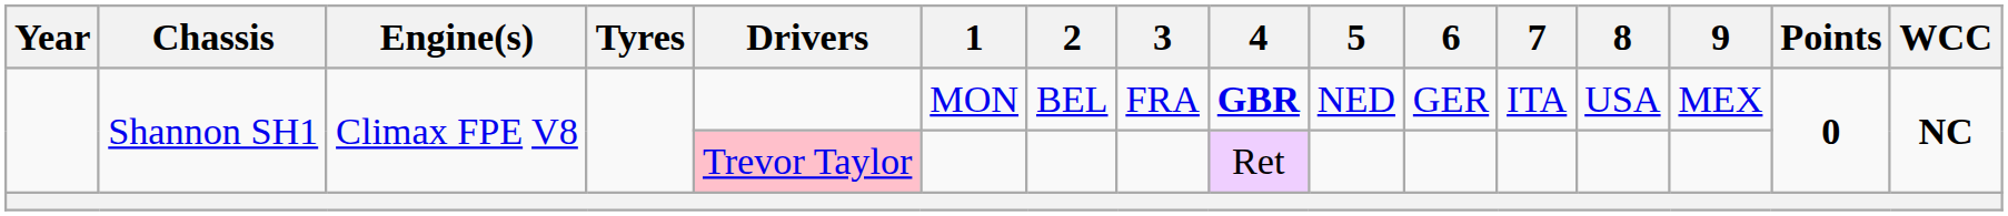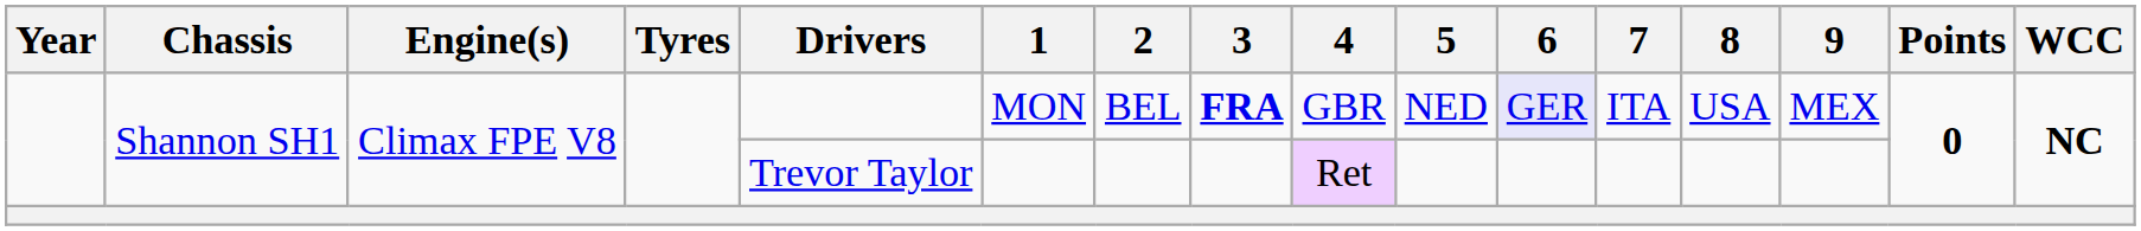 <table class="wikitable" style="text-align:center; font-size:95%">
 <tr>
 <th>Year</th>
 <th>Chassis</th>
 <th>Engine(s)</th>
 <th>Tyres</th>
 <th>Drivers</th>
 <th>1</th>
 <th>2</th>
 <th>3</th>
 <th>4</th>
 <th>5</th>
 <th>6</th>
 <th>7</th>
 <th>8</th>
 <th>9</th>
 <th>Points</th>
 <th>WCC</th>
 </tr>
 <tr>
 <td rowspan="2"></td>
 <td rowspan="2"><a href='#'>Shannon SH1</a></td>
 <td rowspan="2"><a href='#'>Climax FPE</a> <a href='#'>V8</a></td>
 <td rowspan="2"></td>
 <td></td>
 <td><a href='#'>MON</a></td>
 <td><a href='#'>BEL</a></td>
-<td><a href='#'>FRA</a></td>
-<td><strong><a href='#'>GBR</a></strong></td>
+<td><strong><a href='#'>FRA</a></strong></td>
+<td><a href='#'>GBR</a></td>
 <td><a href='#'>NED</a></td>
-<td><a href='#'>GER</a></td>
+<td style="background: lavender;"><a href='#'>GER</a></td>
 <td><a href='#'>ITA</a></td>
 <td><a href='#'>USA</a></td>
 <td><a href='#'>MEX</a></td>
 <td rowspan="2"><strong>0</strong></td>
 <td rowspan="2"><strong>NC</strong></td>
 </tr>
 <tr>
-<td style="background: pink;"> <a href='#'>Trevor Taylor</a></td>
+<td> <a href='#'>Trevor Taylor</a></td>
 <td></td>
 <td></td>
 <td></td>
 <td style="background:#EFCFFF;">Ret</td>
 <td></td>
 <td></td>
 <td></td>
 <td></td>
 <td></td>
 </tr>
 <tr>
 <th colspan="16"></th>
 </tr>
 </table>
